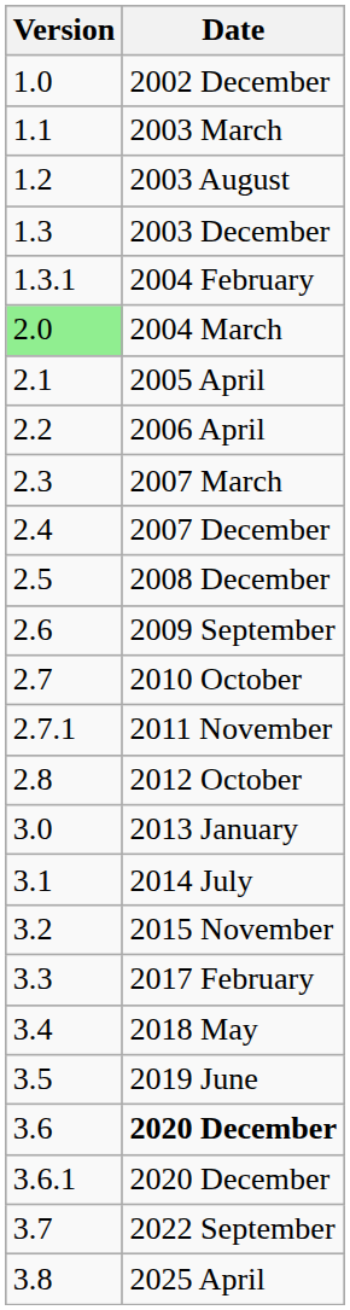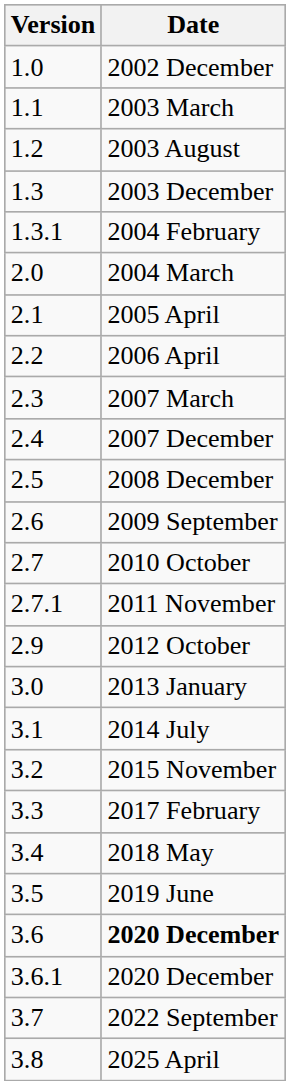 <table class="wikitable sortable">
 <tr>
 <th>Version</th>
 <th dmy>Date</th>
 </tr>
 <tr>
 <td>1.0</td>
 <td>2002 December</td>
 </tr>
 <tr>
 <td>1.1</td>
 <td>2003 March</td>
 </tr>
 <tr>
 <td>1.2</td>
 <td>2003 August</td>
 </tr>
 <tr>
 <td>1.3</td>
 <td>2003 December</td>
 </tr>
 <tr>
 <td>1.3.1</td>
 <td>2004 February</td>
 </tr>
 <tr>
-<td style="background: lightgreen;">2.0</td>
+<td>2.0</td>
 <td>2004 March</td>
 </tr>
 <tr>
 <td>2.1</td>
 <td>2005 April</td>
 </tr>
 <tr>
 <td>2.2</td>
 <td>2006 April</td>
 </tr>
 <tr>
 <td>2.3</td>
 <td>2007 March</td>
 </tr>
 <tr>
 <td>2.4</td>
 <td>2007 December</td>
 </tr>
 <tr>
 <td>2.5</td>
 <td>2008 December</td>
 </tr>
 <tr>
 <td>2.6</td>
 <td>2009 September</td>
 </tr>
 <tr>
 <td>2.7</td>
 <td>2010 October</td>
 </tr>
 <tr>
 <td>2.7.1</td>
 <td>2011 November</td>
 </tr>
 <tr>
-<td>2.8</td>
+<td>2.9</td>
 <td>2012 October</td>
 </tr>
 <tr>
 <td>3.0</td>
 <td>2013 January</td>
 </tr>
 <tr>
 <td>3.1</td>
 <td>2014 July</td>
 </tr>
 <tr>
 <td>3.2</td>
 <td>2015 November</td>
 </tr>
 <tr>
 <td>3.3</td>
 <td>2017 February</td>
 </tr>
 <tr>
 <td>3.4</td>
 <td>2018 May</td>
 </tr>
 <tr>
 <td>3.5</td>
 <td>2019 June</td>
 </tr>
 <tr>
 <td>3.6</td>
 <td><strong>2020 December</strong></td>
 </tr>
 <tr>
 <td>3.6.1</td>
 <td>2020 December</td>
 </tr>
 <tr>
 <td>3.7</td>
 <td>2022 September</td>
 </tr>
 <tr>
 <td>3.8</td>
 <td>2025 April</td>
 </tr>
 </table>
